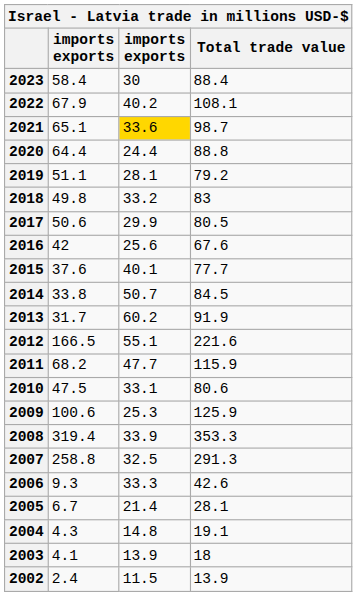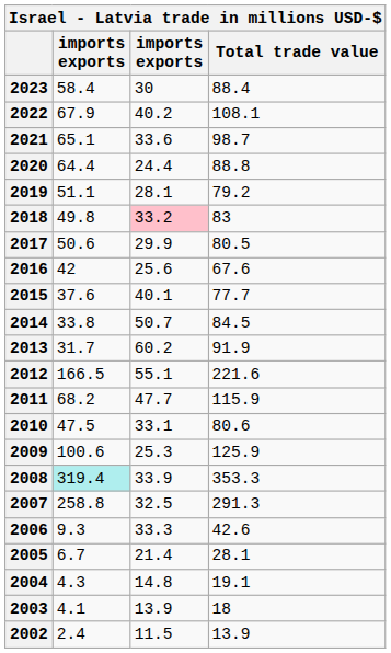 <table class="wikitable mw-collapsible mw-collapsed">
 <tr>
 <th colspan="4">Israel - Latvia trade in millions USD-$</th>
 </tr>
 <tr>
 <th></th>
 <th> imports<br> exports</th>
 <th> imports<br> exports</th>
 <th>Total trade value</th>
 </tr>
 <tr>
 <th>2023</th>
 <td>58.4</td>
 <td>30</td>
 <td>88.4</td>
 </tr>
 <tr>
 <th>2022</th>
 <td>67.9</td>
 <td>40.2</td>
 <td>108.1</td>
 </tr>
 <tr>
 <th>2021</th>
 <td>65.1</td>
-<td style="background: gold;">33.6</td>
+<td>33.6</td>
 <td>98.7</td>
 </tr>
 <tr>
 <th>2020</th>
 <td>64.4</td>
 <td>24.4</td>
 <td>88.8</td>
 </tr>
 <tr>
 <th>2019</th>
 <td>51.1</td>
 <td>28.1</td>
 <td>79.2</td>
 </tr>
 <tr>
 <th>2018</th>
 <td>49.8</td>
-<td>33.2</td>
+<td style="background: pink;">33.2</td>
 <td>83</td>
 </tr>
 <tr>
 <th>2017</th>
 <td>50.6</td>
 <td>29.9</td>
 <td>80.5</td>
 </tr>
 <tr>
 <th>2016</th>
 <td>42</td>
 <td>25.6</td>
 <td>67.6</td>
 </tr>
 <tr>
 <th>2015</th>
 <td>37.6</td>
 <td>40.1</td>
 <td>77.7</td>
 </tr>
 <tr>
 <th>2014</th>
 <td>33.8</td>
 <td>50.7</td>
 <td>84.5</td>
 </tr>
 <tr>
 <th>2013</th>
 <td>31.7</td>
 <td>60.2</td>
 <td>91.9</td>
 </tr>
 <tr>
 <th>2012</th>
 <td>166.5</td>
 <td>55.1</td>
 <td>221.6</td>
 </tr>
 <tr>
 <th>2011</th>
 <td>68.2</td>
 <td>47.7</td>
 <td>115.9</td>
 </tr>
 <tr>
 <th>2010</th>
 <td>47.5</td>
 <td>33.1</td>
 <td>80.6</td>
 </tr>
 <tr>
 <th>2009</th>
 <td>100.6</td>
 <td>25.3</td>
 <td>125.9</td>
 </tr>
 <tr>
 <th>2008</th>
-<td>319.4</td>
+<td style="background: paleturquoise;">319.4</td>
 <td>33.9</td>
 <td>353.3</td>
 </tr>
 <tr>
 <th>2007</th>
 <td>258.8</td>
 <td>32.5</td>
 <td>291.3</td>
 </tr>
 <tr>
 <th>2006</th>
 <td>9.3</td>
 <td>33.3</td>
 <td>42.6</td>
 </tr>
 <tr>
 <th>2005</th>
 <td>6.7</td>
 <td>21.4</td>
 <td>28.1</td>
 </tr>
 <tr>
 <th>2004</th>
 <td>4.3</td>
 <td>14.8</td>
 <td>19.1</td>
 </tr>
 <tr>
 <th>2003</th>
 <td>4.1</td>
 <td>13.9</td>
 <td>18</td>
 </tr>
 <tr>
 <th>2002</th>
 <td>2.4</td>
 <td>11.5</td>
 <td>13.9</td>
 </tr>
 </table>
